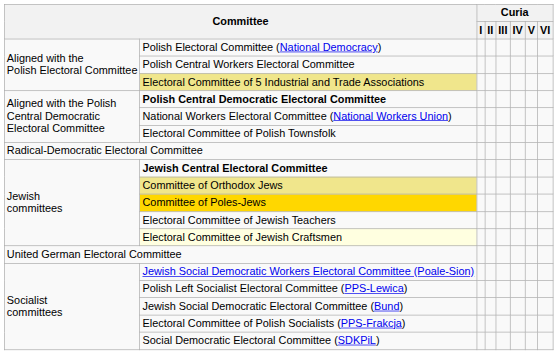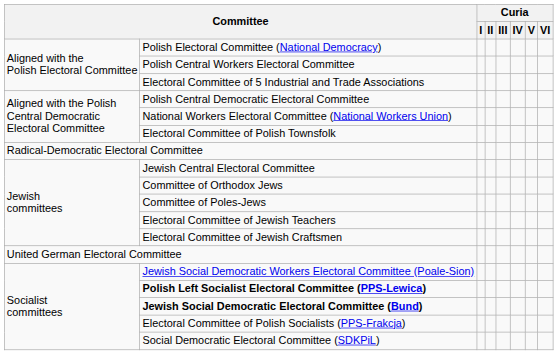 <table class=wikitable>
 <tr>
 <th colspan=2, rowspan=2>Committee</th>
 <th colspan=6>Curia</th>
 </tr>
 <tr>
 <th>I</th>
 <th>II</th>
 <th>III</th>
 <th>IV</th>
 <th>V</th>
 <th>VI</th>
 </tr>
 <tr>
 <td rowspan=3>Aligned with the<br>Polish Electoral Committee</td>
 <td>Polish Electoral Committee (<a href='#'>National Democracy</a>)</td>
 <td></td>
 <td></td>
 <td></td>
 <td></td>
 <td></td>
 <td></td>
 </tr>
 <tr>
 <td>Polish Central Workers Electoral Committee</td>
 <td></td>
 <td></td>
 <td></td>
 <td></td>
 <td></td>
 <td></td>
 </tr>
 <tr>
-<td style="background: khaki;">Electoral Committee of 5 Industrial and Trade Associations</td>
+<td>Electoral Committee of 5 Industrial and Trade Associations</td>
 <td></td>
 <td></td>
 <td></td>
 <td></td>
 <td></td>
 <td></td>
 </tr>
 <tr>
 <td rowspan=3>Aligned with the Polish<br>Central Democratic<br>Electoral Committee</td>
-<td><strong>Polish Central Democratic Electoral Committee</strong></td>
+<td>Polish Central Democratic Electoral Committee</td>
 <td></td>
 <td></td>
 <td></td>
 <td></td>
 <td></td>
 <td></td>
 </tr>
 <tr>
 <td>National Workers Electoral Committee (<a href='#'>National Workers Union</a>)</td>
 <td></td>
 <td></td>
 <td></td>
 <td></td>
 <td></td>
 <td></td>
 </tr>
 <tr>
 <td>Electoral Committee of Polish Townsfolk</td>
 <td></td>
 <td></td>
 <td></td>
 <td></td>
 <td></td>
 <td></td>
 </tr>
 <tr>
 <td colspan=2>Radical-Democratic Electoral Committee</td>
 <td></td>
 <td></td>
 <td></td>
 <td></td>
 <td></td>
 <td></td>
 </tr>
 <tr>
 <td rowspan=5>Jewish<br>committees</td>
-<td><strong>Jewish Central Electoral Committee</strong></td>
+<td>Jewish Central Electoral Committee</td>
 <td></td>
 <td></td>
 <td></td>
 <td></td>
 <td></td>
 <td></td>
 </tr>
 <tr>
-<td style="background: khaki;">Committee of Orthodox Jews</td>
+<td>Committee of Orthodox Jews</td>
 <td></td>
 <td></td>
 <td></td>
 <td></td>
 <td></td>
 <td></td>
 </tr>
 <tr>
-<td style="background: gold;">Committee of Poles-Jews</td>
+<td>Committee of Poles-Jews</td>
 <td></td>
 <td></td>
 <td></td>
 <td></td>
 <td></td>
 <td></td>
 </tr>
 <tr>
 <td>Electoral Committee of Jewish Teachers</td>
 <td></td>
 <td></td>
 <td></td>
 <td></td>
 <td></td>
 <td></td>
 </tr>
 <tr>
-<td style="background: lightyellow;">Electoral Committee of Jewish Craftsmen</td>
+<td>Electoral Committee of Jewish Craftsmen</td>
 <td></td>
 <td></td>
 <td></td>
 <td></td>
 <td></td>
 <td></td>
 </tr>
 <tr>
 <td colspan=2>United German Electoral Committee</td>
 <td></td>
 <td></td>
 <td></td>
 <td></td>
 <td></td>
 <td></td>
 </tr>
 <tr>
 <td rowspan=5>Socialist<br>committees</td>
 <td><a href='#'>Jewish Social Democratic Workers Electoral Committee (Poale-Sion)</a></td>
 <td></td>
 <td></td>
 <td></td>
 <td></td>
 <td></td>
 <td></td>
 </tr>
 <tr>
-<td>Polish Left Socialist Electoral Committee (<a href='#'>PPS-Lewica</a>)</td>
+<td><strong>Polish Left Socialist Electoral Committee (<a href='#'>PPS-Lewica</a>)</strong></td>
 <td></td>
 <td></td>
 <td></td>
 <td></td>
 <td></td>
 <td></td>
 </tr>
 <tr>
-<td>Jewish Social Democratic Electoral Committee (<a href='#'>Bund</a>)</td>
+<td><strong>Jewish Social Democratic Electoral Committee (<a href='#'>Bund</a>)</strong></td>
 <td></td>
 <td></td>
 <td></td>
 <td></td>
 <td></td>
 <td></td>
 </tr>
 <tr>
 <td>Electoral Committee of Polish Socialists (<a href='#'>PPS-Frakcja</a>)</td>
 <td></td>
 <td></td>
 <td></td>
 <td></td>
 <td></td>
 <td></td>
 </tr>
 <tr>
 <td>Social Democratic Electoral Committee (<a href='#'>SDKPiL</a>)</td>
 <td></td>
 <td></td>
 <td></td>
 <td></td>
 <td></td>
 <td></td>
 </tr>
 </table>
